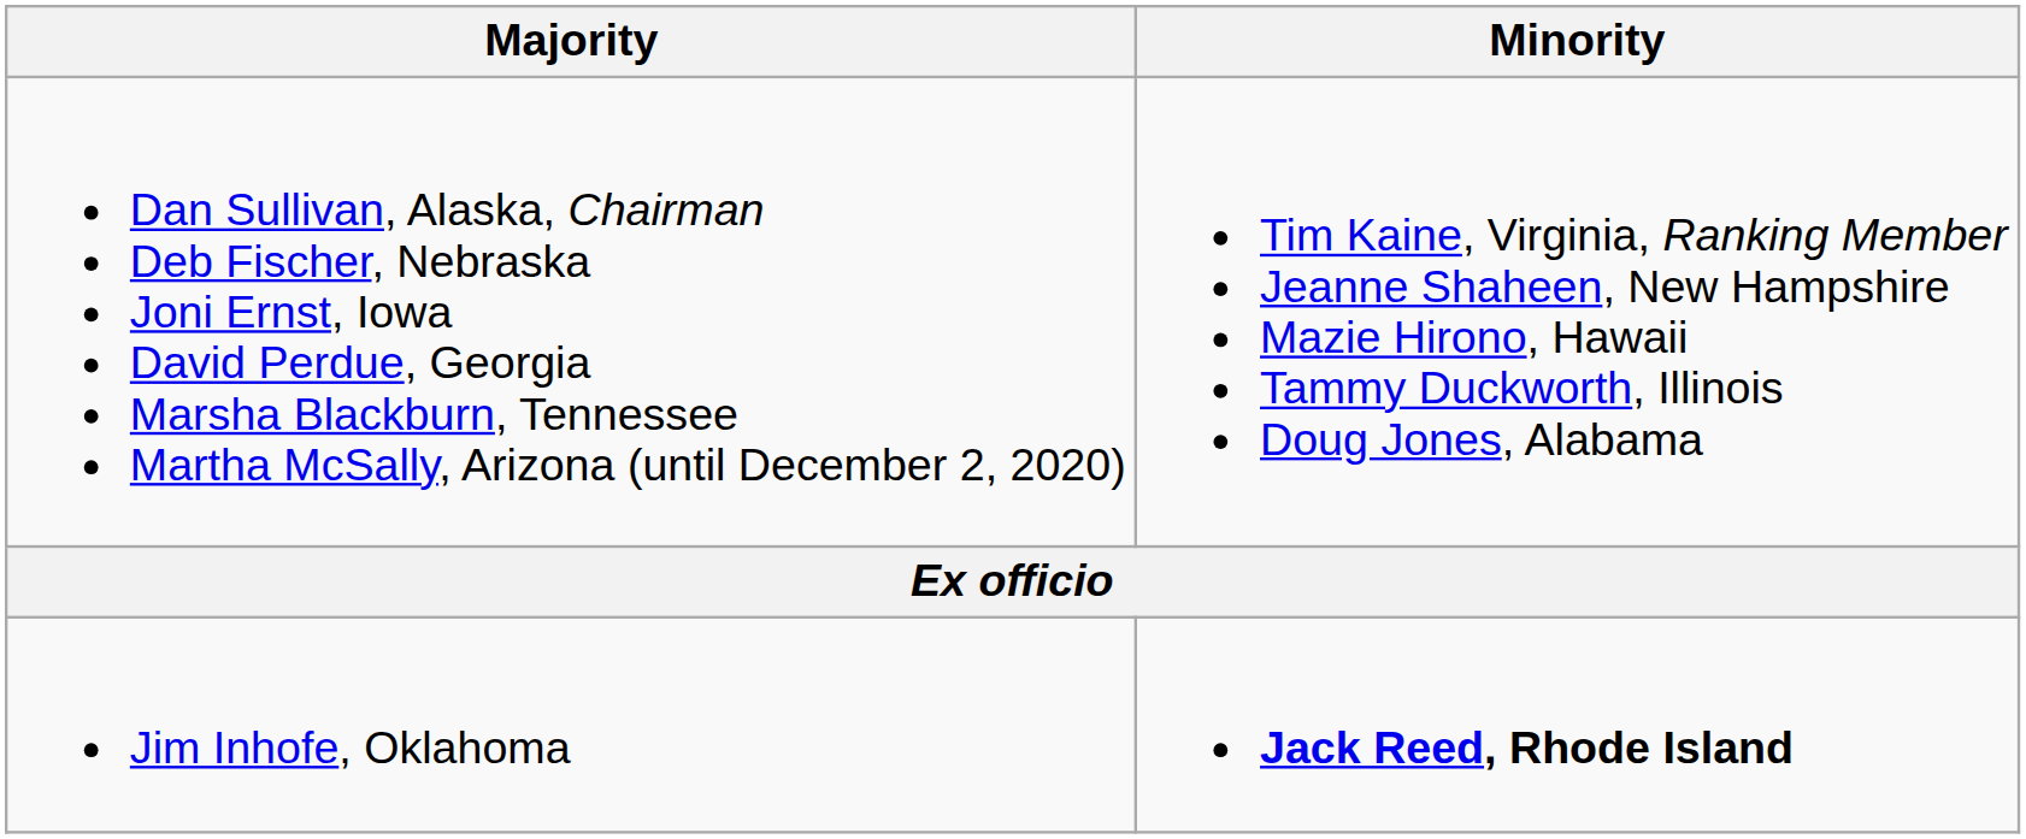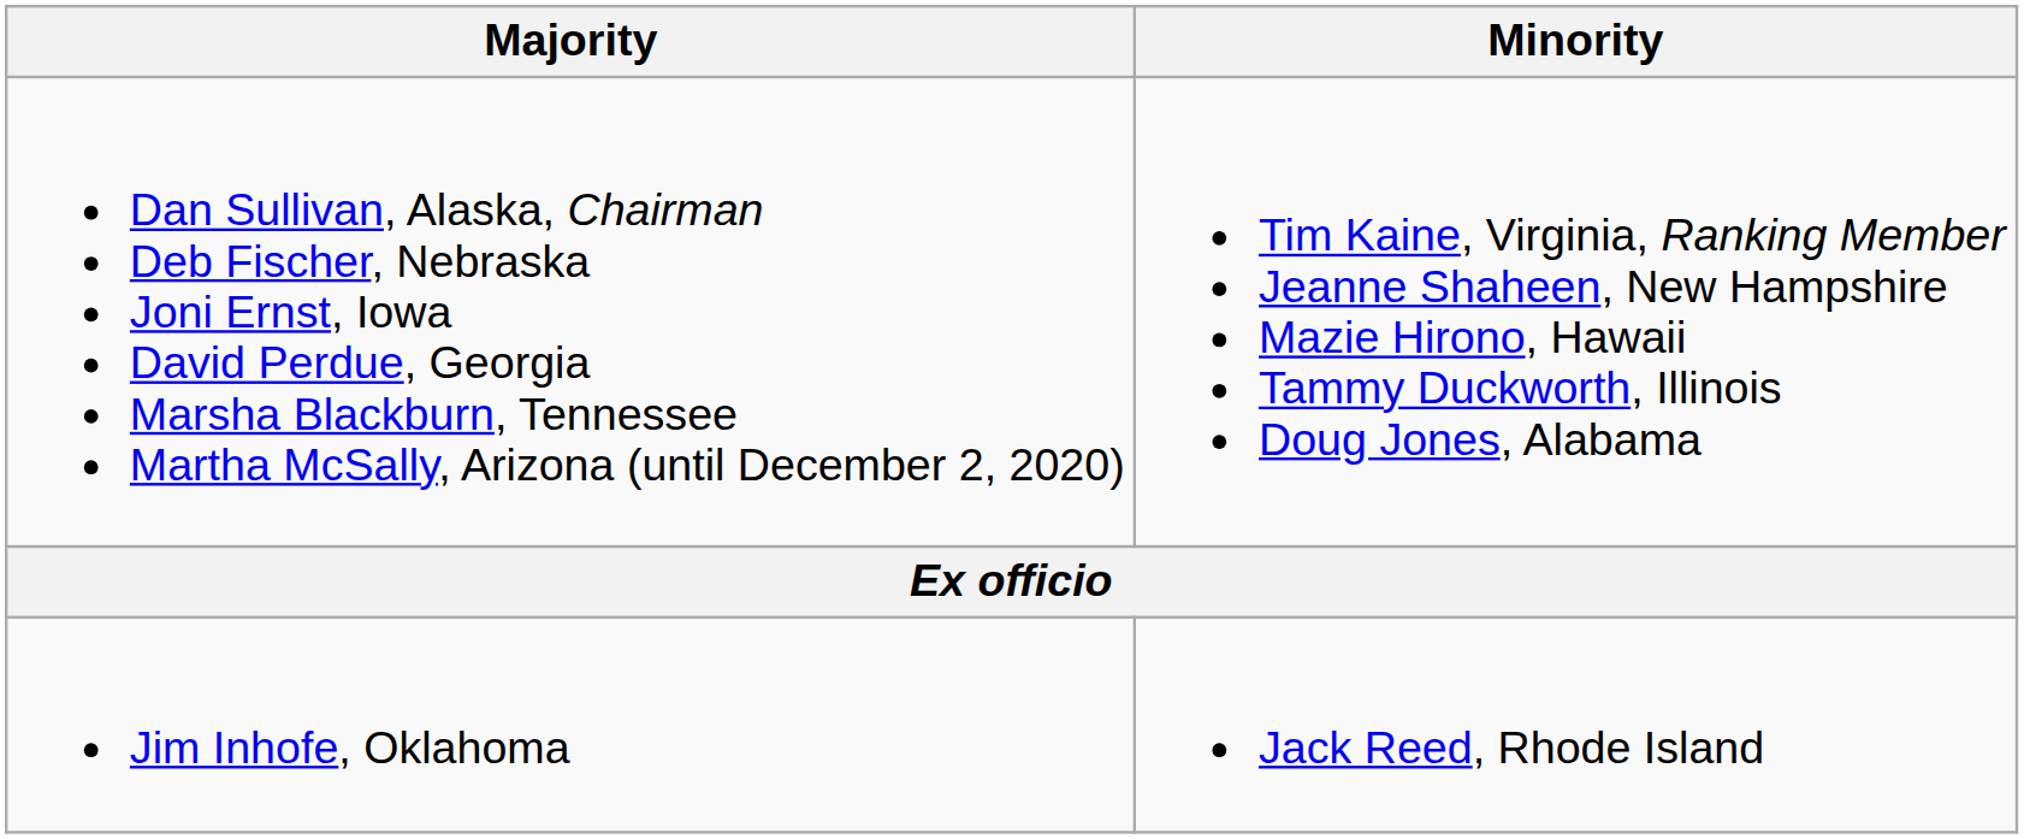 <table class=wikitable>
 <tr>
 <th>Majority</th>
 <th>Minority</th>
 </tr>
 <tr>
 <td><br><ul><li><a href='#'>Dan Sullivan</a>, Alaska, <em>Chairman</em></li><li><a href='#'>Deb Fischer</a>, Nebraska</li><li><a href='#'>Joni Ernst</a>, Iowa</li><li><a href='#'>David Perdue</a>, Georgia</li><li><a href='#'>Marsha Blackburn</a>, Tennessee</li><li><a href='#'>Martha McSally</a>, Arizona (until December 2, 2020)</li></ul></td>
 <td><br><ul><li><a href='#'>Tim Kaine</a>, Virginia, <em>Ranking Member</em></li><li><a href='#'>Jeanne Shaheen</a>, New Hampshire</li><li><a href='#'>Mazie Hirono</a>, Hawaii</li><li><a href='#'>Tammy Duckworth</a>, Illinois</li><li><a href='#'>Doug Jones</a>, Alabama</li></ul></td>
 </tr>
 <tr>
 <th colspan=2><em>Ex officio</em></th>
 </tr>
 <tr>
 <td><br><ul><li><a href='#'>Jim Inhofe</a>, Oklahoma</li></ul></td>
-<td><strong><br><ul><li><a href='#'>Jack Reed</a>, Rhode Island</li></ul></strong></td>
+<td><br><ul><li><a href='#'>Jack Reed</a>, Rhode Island</li></ul></td>
 </tr>
 </table>
